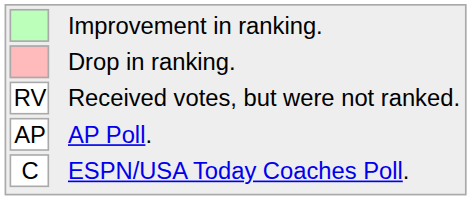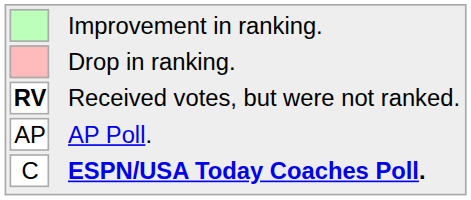 <table align=right style="font-size:90%; border:1px solid #aaaaaa; white-space:nowrap; background:#eeeeee;">
 <tr>
 <td style="background:#BBFFBB; width:20px; border:1px solid #aaaaaa;"> </td>
 <td rowspan=5> </td>
 <td>Improvement in ranking.</td>
 </tr>
 <tr>
 <td style="background:#FFBBBB; width:20px; border:1px solid #aaaaaa;"> </td>
 <td>Drop in ranking.</td>
 </tr>
 <tr>
-<td align=center style="width:20px; border:1px solid #aaaaaa; background:white;">RV</td>
+<td align=center style="width:20px; border:1px solid #aaaaaa; background:white;"><strong>RV</strong></td>
 <td>Received votes, but were not ranked.</td>
 </tr>
 <tr>
 <td align=center style="width:20px; border:1px solid #aaaaaa; background:white;">AP</td>
 <td><a href='#'>AP Poll</a>.</td>
 </tr>
 <tr>
 <td align=center style="width:20px; border:1px solid #aaaaaa; background:white;">C</td>
-<td><a href='#'>ESPN/USA Today Coaches Poll</a>.</td>
+<td><strong><a href='#'>ESPN/USA Today Coaches Poll</a>.</strong></td>
 </tr>
 <tr>
 </tr>
 </table>
